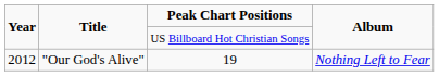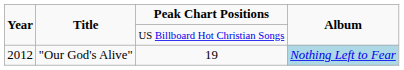 <table class="wikitable"  style="text-align:center">
 <tr>
 <td rowspan="2"><strong>Year</strong></td>
 <td rowspan="2"><strong>Title</strong></td>
 <td colspan="1"><strong>Peak Chart Positions</strong></td>
 <td rowspan="2"><strong>Album</strong></td>
 </tr>
 <tr>
 <td><small>US <a href='#'>Billboard Hot Christian Songs</a></small></td>
 </tr>
 <tr>
 <td style="text-align:left">2012</td>
 <td style="text-align:left">"Our God's Alive"</td>
 <td>19</td>
-<td style="text-align:left"><em><a href='#'>Nothing Left to Fear</a></em></td>
+<td style="background: lightblue; text-align:left"><em><a href='#'>Nothing Left to Fear</a></em></td>
 </tr>
 </table>
